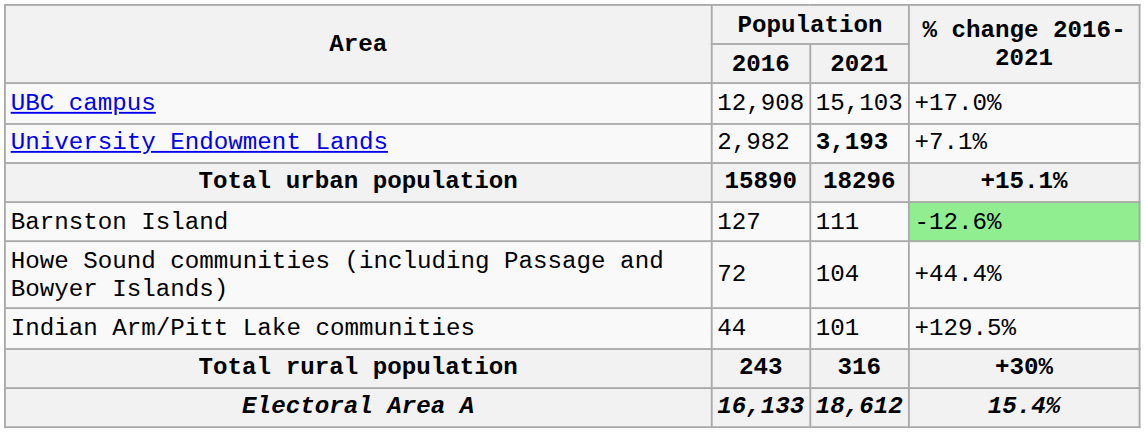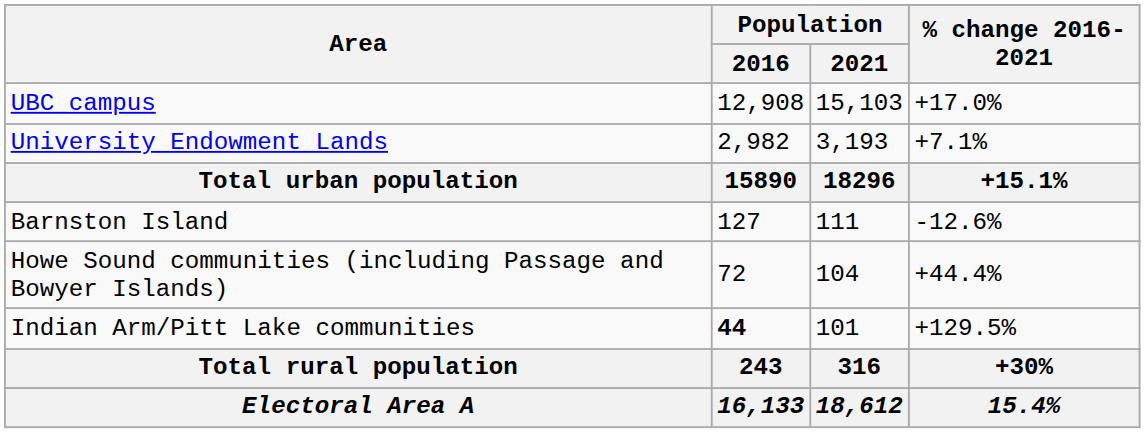 <table class="wikitable">
 <tr>
 <th rowspan="2">Area</th>
 <th colspan="2">Population</th>
 <th rowspan="2">% change 2016-2021</th>
 </tr>
 <tr>
 <th>2016</th>
 <th>2021</th>
 </tr>
 <tr>
 <td><a href='#'>UBC campus</a></td>
 <td>12,908</td>
 <td>15,103</td>
 <td>+17.0%</td>
 </tr>
 <tr>
 <td><a href='#'>University Endowment Lands</a></td>
 <td>2,982</td>
-<td><strong>3,193</strong></td>
+<td>3,193</td>
 <td>+7.1%</td>
 </tr>
 <tr>
 <th>Total urban population</th>
 <th>15890</th>
 <th>18296</th>
 <th>+15.1%</th>
 </tr>
 <tr>
 <td>Barnston Island</td>
 <td>127</td>
 <td>111</td>
-<td style="background: lightgreen;">-12.6%</td>
+<td>-12.6%</td>
 </tr>
 <tr>
 <td>Howe Sound communities (including Passage and Bowyer Islands)</td>
 <td>72</td>
 <td>104</td>
 <td>+44.4%</td>
 </tr>
 <tr>
 <td>Indian Arm/Pitt Lake communities</td>
-<td>44</td>
+<td><strong>44</strong></td>
 <td>101</td>
 <td>+129.5%</td>
 </tr>
 <tr>
 <th>Total rural population</th>
 <th>243</th>
 <th>316</th>
 <th>+30%</th>
 </tr>
 <tr>
 <th><em>Electoral Area A</em></th>
 <th><em>16,133</em></th>
 <th><em>18,612</em></th>
 <th><em>15.4%</em></th>
 </tr>
 </table>
